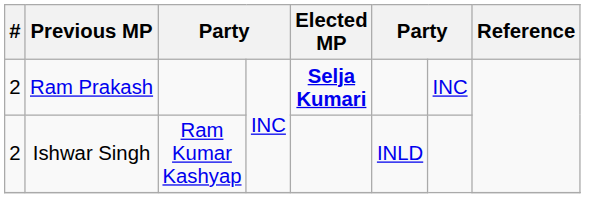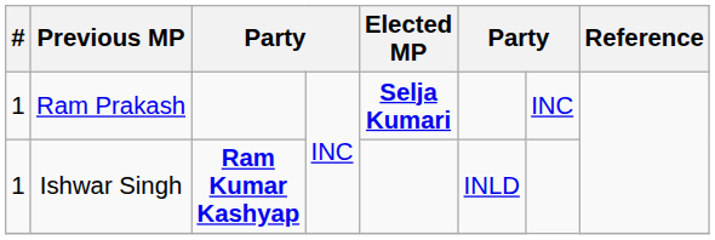 <table class="wikitable">
 <tr>
 <th>#</th>
 <th>Previous MP</th>
 <th colspan=2>Party</th>
 <th>Elected MP</th>
 <th colspan=2>Party</th>
 <th>Reference</th>
 </tr>
 <tr style="text-align:center;">
-<td>2</td>
+<td>1</td>
 <td><a href='#'>Ram Prakash</a></td>
 <td width="1px"></td>
 <td rowspan=2><a href='#'>INC</a></td>
 <td><strong><a href='#'>Selja Kumari</a></strong></td>
 <td width="1px"></td>
 <td rowspan=1><a href='#'>INC</a></td>
 <td rowspan=2></td>
 </tr>
 <tr style="text-align:center;">
-<td>2</td>
+<td>1</td>
 <td>Ishwar Singh</td>
-<td><a href='#'>Ram Kumar Kashyap</a></td>
+<td><strong><a href='#'>Ram Kumar Kashyap</a></strong></td>
 <td width="1px"></td>
 <td rowspan=1><a href='#'>INLD</a></td>
 </tr>
 <tr style="text-align:center;">
 </tr>
 </table>
